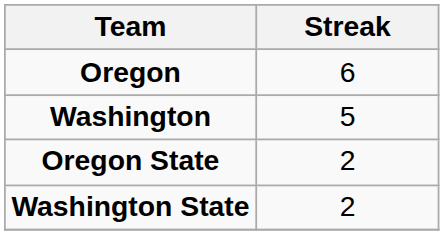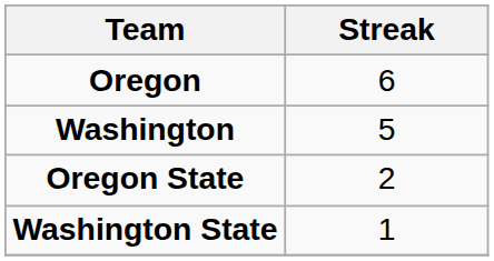 <table class="wikitable sortable" style="font-size: 100%;text-align: center;">
 <tr>
 <th>Team</th>
 <th>Streak</th>
 </tr>
 <tr>
 <td><strong>Oregon</strong></td>
 <td style="width:6em">6</td>
 </tr>
 <tr>
 <td><strong>Washington</strong></td>
 <td style="width:6em">5</td>
 </tr>
 <tr>
 <td><strong>Oregon State</strong></td>
 <td style="width:6em">2</td>
 </tr>
 <tr>
 <td><strong>Washington State</strong></td>
-<td style="width:6em">2</td>
+<td style="width:6em">1</td>
 </tr>
 <tr>
 </tr>
 </table>
